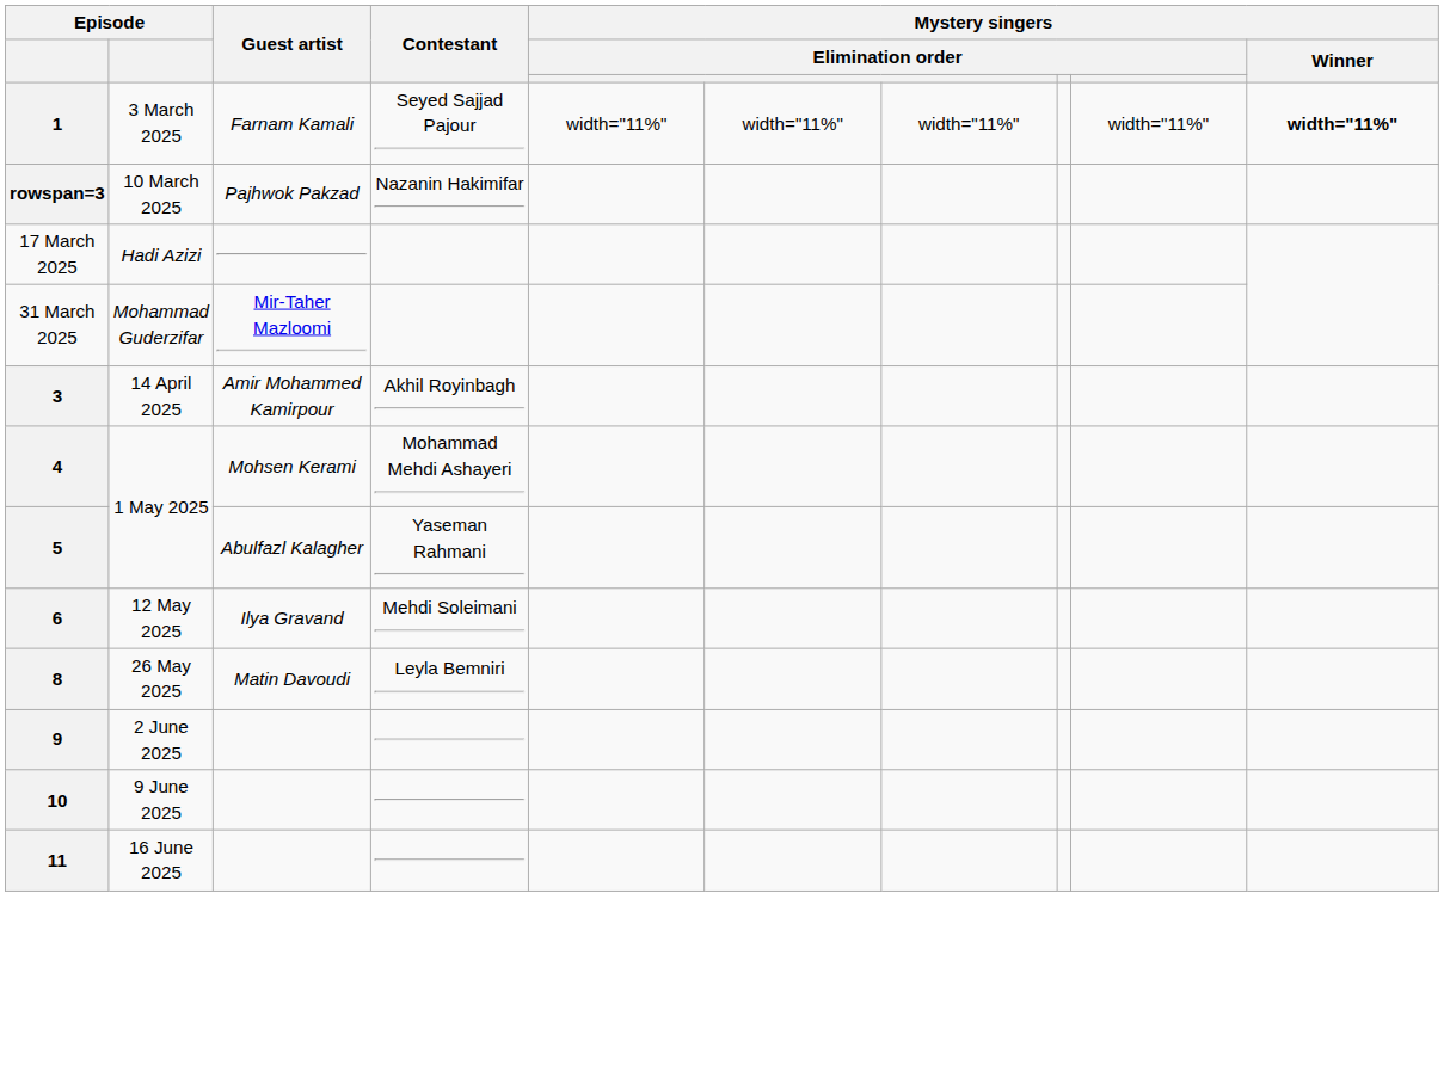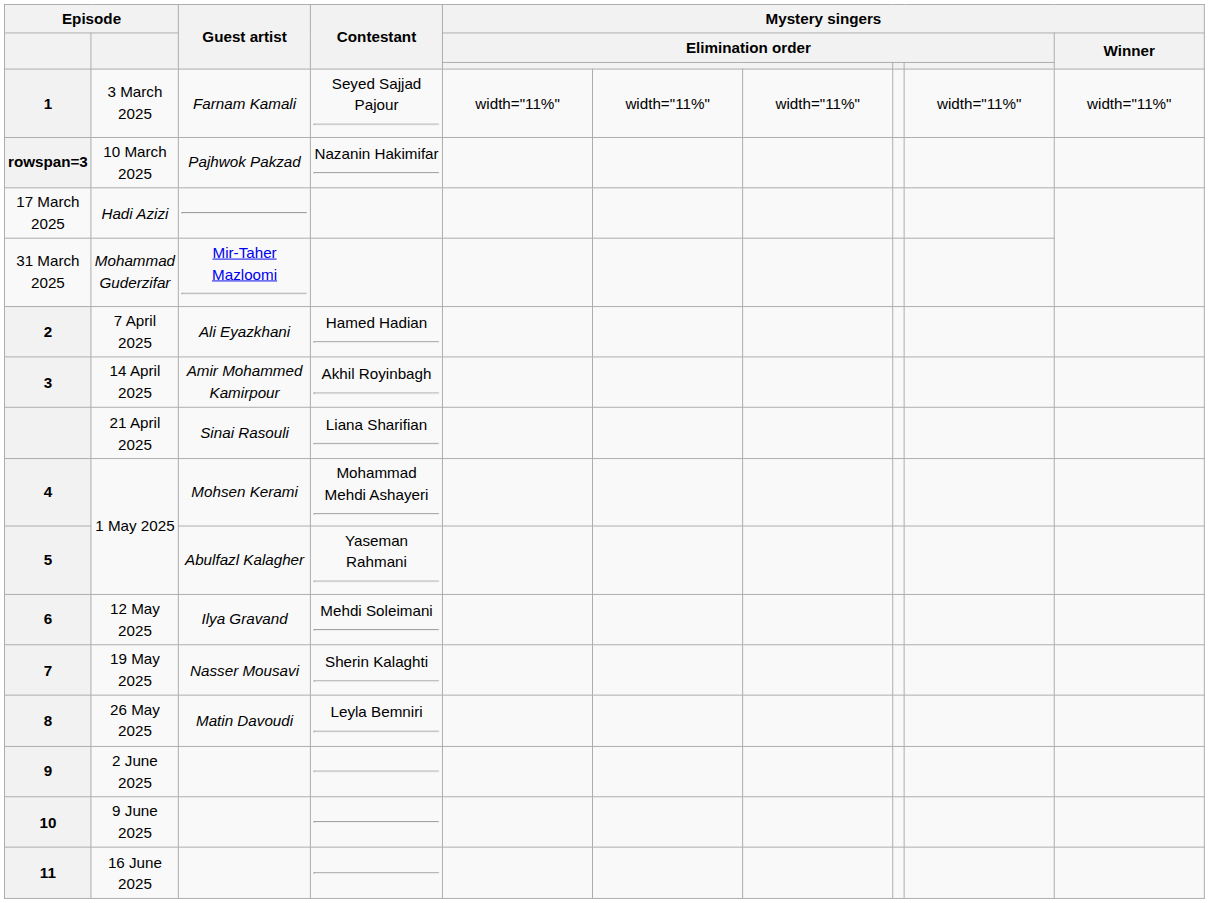 <table class="wikitable plainrowheaders mw-collapsible" style="text-align:center; line-height:23px; width:100%;">
 <tr>
 <th colspan="2" width="1%">Episode</th>
 <th rowspan="3" width="11%">Guest artist</th>
 <th rowspan="3" width="11%">Contestant</th>
 <th colspan="6">Mystery singers<br></th>
 </tr>
 <tr>
 <th rowspan="2"></th>
 <th rowspan="2"></th>
 <th colspan="5">Elimination order</th>
 <th rowspan="2">Winner</th>
 </tr>
 <tr>
 <th colspan="3"></th>
 <th></th>
 <th></th>
 </tr>
 <tr>
 <th>1</th>
 <td>3 March 2025</td>
 <td><em>Farnam Kamali</em><br></td>
 <td>Seyed Sajjad Pajour<hr></td>
 <td>width="11%" </td>
 <td>width="11%" </td>
 <td>width="11%" </td>
 <td></td>
 <td>width="11%" </td>
-<td><strong>width="11%" </strong></td>
+<td>width="11%" </td>
 </tr>
 <tr>
 <th>rowspan=3 </th>
 <td>10 March 2025</td>
 <td><em>Pajhwok Pakzad</em></td>
 <td>Nazanin Hakimifar<hr></td>
 <td></td>
 <td></td>
 <td></td>
 <td></td>
 <td></td>
 <td></td>
 </tr>
 <tr>
 <td>17 March 2025</td>
 <td><em>Hadi Azizi</em></td>
 <td><hr></td>
 <td></td>
 <td></td>
 <td></td>
 <td></td>
 <td></td>
 <td></td>
 </tr>
 <tr>
 <td>31 March 2025</td>
 <td><em>Mohammad Guderzifar</em></td>
 <td><a href='#'>Mir-Taher Mazloomi</a><hr></td>
 <td></td>
 <td></td>
 <td></td>
 <td></td>
 <td></td>
 <td></td>
 </tr>
 <tr>
+<th>2</th>
+<td>7 April 2025</td>
+<td><em>Ali Eyazkhani</em><br></td>
+<td>Hamed Hadian<hr></td>
+<td></td>
+<td></td>
+<td></td>
+<td></td>
+<td></td>
+<td></td>
+</tr>
+<tr>
 <th>3</th>
 <td>14 April 2025</td>
 <td><em>Amir Mohammed Kamirpour</em><br></td>
 <td>Akhil Royinbagh<hr></td>
+<td></td>
+<td></td>
+<td></td>
+<td></td>
+<td></td>
+<td></td>
+</tr>
+<tr>
+<th></th>
+<td>21 April 2025</td>
+<td><em>Sinai Rasouli</em><br></td>
+<td>Liana Sharifian<hr></td>
 <td></td>
 <td></td>
 <td></td>
 <td></td>
 <td></td>
 <td></td>
 </tr>
 <tr>
 <th>4</th>
 <td rowspan=2>1 May 2025</td>
 <td><em>Mohsen Kerami</em><br></td>
 <td>Mohammad Mehdi Ashayeri<hr></td>
 <td></td>
 <td></td>
 <td></td>
 <td></td>
 <td></td>
 <td></td>
 </tr>
 <tr>
 <th>5</th>
 <td><em>Abulfazl Kalagher</em><br></td>
 <td>Yaseman Rahmani<hr></td>
 <td></td>
 <td></td>
 <td></td>
 <td></td>
 <td></td>
 <td></td>
 </tr>
 <tr>
 <th>6</th>
 <td>12 May 2025</td>
 <td><em>Ilya Gravand</em><br></td>
 <td>Mehdi Soleimani<hr></td>
+<td></td>
+<td></td>
+<td></td>
+<td></td>
+<td></td>
+<td></td>
+</tr>
+<tr>
+<th>7</th>
+<td>19 May 2025</td>
+<td><em>Nasser Mousavi</em></td>
+<td>Sherin Kalaghti<hr></td>
 <td></td>
 <td></td>
 <td></td>
 <td></td>
 <td></td>
 <td></td>
 </tr>
 <tr>
 <th>8</th>
 <td>26 May 2025</td>
 <td><em>Matin Davoudi</em><br></td>
 <td>Leyla Bemniri<hr></td>
 <td></td>
 <td></td>
 <td></td>
 <td></td>
 <td></td>
 <td></td>
 </tr>
 <tr>
 <th>9</th>
 <td>2 June 2025</td>
 <td></td>
 <td><hr></td>
 <td></td>
 <td></td>
 <td></td>
 <td></td>
 <td></td>
 <td></td>
 </tr>
 <tr>
 <th>10</th>
 <td>9 June 2025</td>
 <td></td>
 <td><hr></td>
 <td></td>
 <td></td>
 <td></td>
 <td></td>
 <td></td>
 <td></td>
 </tr>
 <tr>
 <th>11</th>
 <td>16 June 2025</td>
 <td></td>
 <td><hr></td>
 <td></td>
 <td></td>
 <td></td>
 <td></td>
 <td></td>
 <td></td>
 </tr>
 </table>
